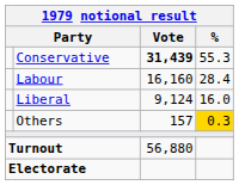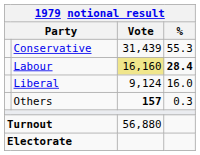 <table class="wikitable">
 <tr>
 <th colspan="4"><a href='#'>1979</a> <a href='#'>notional result</a></th>
 </tr>
 <tr>
 <th bgcolor="#DDDDFF" width="130px" colspan="2">Party</th>
 <th bgcolor="#DDDDFF" width="50px">Vote</th>
 <th bgcolor="#DDDDFF" width="30px">%</th>
 </tr>
 <tr>
 <td></td>
 <td><a href='#'>Conservative</a></td>
-<td align=right><strong>31,439</strong></td>
+<td align=right>31,439</td>
 <td align=right>55.3</td>
 </tr>
 <tr>
 <td></td>
 <td><a href='#'>Labour</a></td>
-<td align=right>16,160</td>
-<td align=right>28.4</td>
+<td align=right style="background: khaki;">16,160</td>
+<td align=right><strong>28.4</strong></td>
 </tr>
 <tr>
 <td></td>
 <td><a href='#'>Liberal</a></td>
 <td align=right>9,124</td>
 <td align=right>16.0</td>
 </tr>
 <tr>
 <td></td>
 <td>Others</td>
-<td align=right>157</td>
-<td align=right style="background: gold;">0.3</td>
+<td align=right><strong>157</strong></td>
+<td align=right>0.3</td>
 </tr>
 <tr>
 <td colspan="4" bgcolor="#EAECF0"></td>
 </tr>
 <tr>
 <td colspan="2"><strong>Turnout</strong></td>
 <td align=right>56,880</td>
 <td align=right></td>
 </tr>
 <tr>
 <td colspan="2"><strong>Electorate</strong></td>
 <td align=right></td>
 </tr>
 </table>
